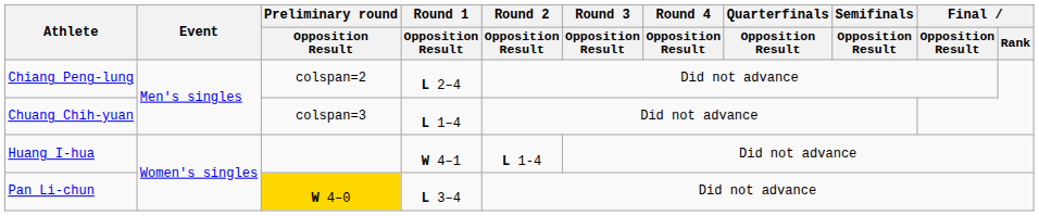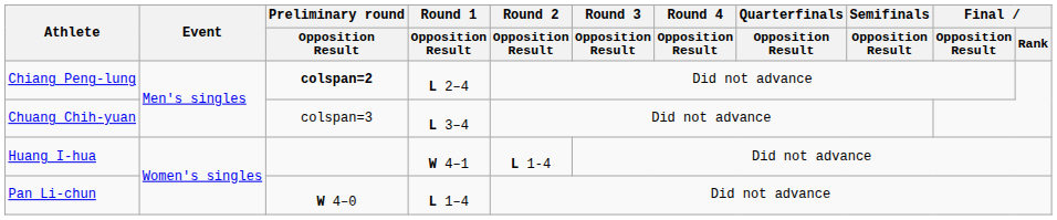 <table class="wikitable" style="font-size:90%">
 <tr>
 <th rowspan="2">Athlete</th>
 <th rowspan="2">Event</th>
 <th>Preliminary round</th>
 <th>Round 1</th>
 <th>Round 2</th>
 <th>Round 3</th>
 <th>Round 4</th>
 <th>Quarterfinals</th>
 <th>Semifinals</th>
 <th colspan=2>Final / </th>
 </tr>
 <tr style="font-size:95%">
 <th>Opposition<br>Result</th>
 <th>Opposition<br>Result</th>
 <th>Opposition<br>Result</th>
 <th>Opposition<br>Result</th>
 <th>Opposition<br>Result</th>
 <th>Opposition<br>Result</th>
 <th>Opposition<br>Result</th>
 <th>Opposition<br>Result</th>
 <th>Rank</th>
 </tr>
 <tr align=center>
 <td align=left><a href='#'>Chiang Peng-lung</a></td>
 <td align=left rowspan=2><a href='#'>Men's singles</a></td>
-<td>colspan=2 </td>
+<td><strong>colspan=2 </strong></td>
 <td> <br> <strong>L</strong> 2–4</td>
 <td colspan=6>Did not advance</td>
 </tr>
 <tr align=center>
 <td align=left><a href='#'>Chuang Chih-yuan</a></td>
 <td>colspan=3 </td>
-<td> <br> <strong>L</strong> 1–4</td>
+<td> <br> <strong>L</strong> 3–4</td>
 <td colspan=5>Did not advance</td>
 </tr>
 <tr align=center>
 <td align=left><a href='#'>Huang I-hua</a></td>
 <td align=left rowspan=2><a href='#'>Women's singles</a></td>
 <td></td>
 <td> <br> <strong>W</strong> 4–1</td>
 <td> <br> <strong>L</strong> 1-4</td>
 <td colspan=6>Did not advance</td>
 </tr>
 <tr align=center>
 <td align=left><a href='#'>Pan Li-chun</a></td>
-<td style="background: gold;"> <br> <strong>W</strong> 4–0</td>
-<td> <br> <strong>L</strong> 3–4</td>
+<td> <br> <strong>W</strong> 4–0</td>
+<td> <br> <strong>L</strong> 1–4</td>
 <td colspan=7>Did not advance</td>
 </tr>
 </table>
